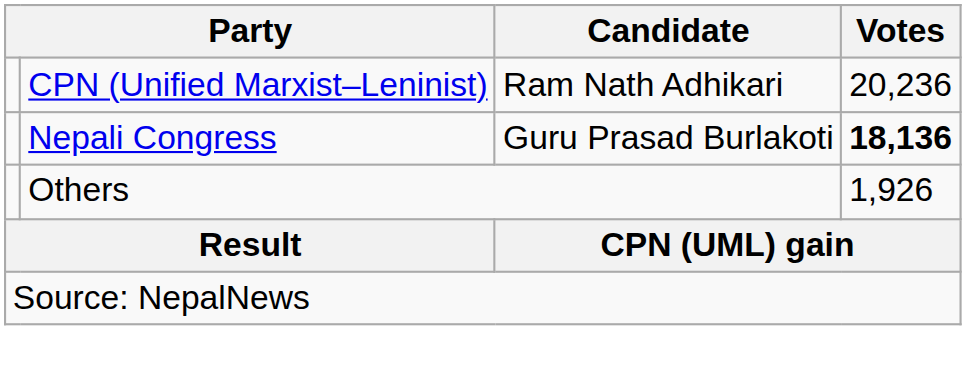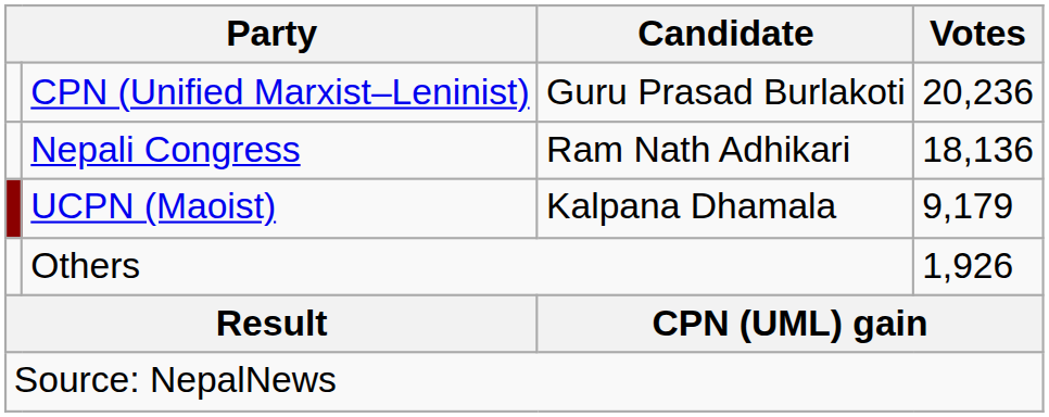 <table class="wikitable">
 <tr>
 <th colspan="2">Party</th>
 <th>Candidate</th>
 <th>Votes</th>
 </tr>
 <tr>
 <td style="background-color:"></td>
 <td><a href='#'>CPN (Unified Marxist–Leninist)</a></td>
-<td>Ram Nath Adhikari</td>
+<td>Guru Prasad Burlakoti</td>
 <td>20,236</td>
 </tr>
 <tr>
 <td style="background-color:"></td>
 <td><a href='#'>Nepali Congress</a></td>
-<td>Guru Prasad Burlakoti</td>
-<td><strong>18,136</strong></td>
+<td>Ram Nath Adhikari</td>
+<td>18,136</td>
+</tr>
+<tr>
+<td style="background-color:darkred"></td>
+<td><a href='#'>UCPN (Maoist)</a></td>
+<td>Kalpana Dhamala</td>
+<td>9,179</td>
 </tr>
 <tr>
 <td></td>
 <td colspan="2">Others</td>
 <td>1,926</td>
 </tr>
 <tr>
 <th colspan="2">Result</th>
 <th colspan="2">CPN (UML) gain</th>
 </tr>
 <tr>
 <td colspan="4">Source: NepalNews</td>
 </tr>
 </table>
